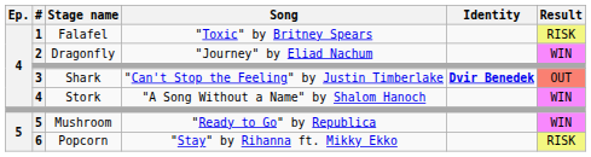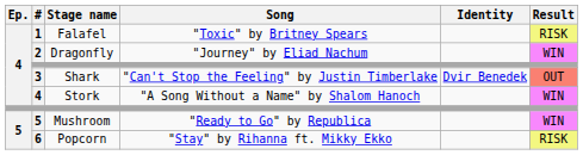 <table class="wikitable plainrowheaders" style="text-align: center;">
 <tr>
 <th>Ep.</th>
 <th>#</th>
 <th>Stage name</th>
 <th>Song</th>
 <th>Identity</th>
 <th>Result</th>
 </tr>
 <tr>
 <th rowspan="5">4</th>
 <th>1</th>
 <td>Falafel</td>
 <td>"<a href='#'>Toxic</a>" by <a href='#'>Britney Spears</a></td>
 <td></td>
 <td bgcolor="F3F781">RISK</td>
 </tr>
 <tr>
 <th>2</th>
 <td>Dragonfly</td>
 <td>"Journey" by <a href='#'>Eliad Nachum</a></td>
 <td></td>
 <td bgcolor="F888FD">WIN</td>
 </tr>
 <tr>
 <th colspan="5" style="background:darkgrey"></th>
 </tr>
 <tr>
 <th>3</th>
 <td>Shark</td>
 <td>"<a href='#'>Can't Stop the Feeling</a>" by <a href='#'>Justin Timberlake</a></td>
-<td><strong><a href='#'>Dvir Benedek</a></strong></td>
+<td><a href='#'>Dvir Benedek</a></td>
 <td bgcolor="salmon">OUT</td>
 </tr>
 <tr>
 <th>4</th>
 <td>Stork</td>
 <td>"A Song Without a Name" by <a href='#'>Shalom Hanoch</a></td>
 <td></td>
 <td bgcolor="F888FD">WIN</td>
 </tr>
 <tr>
 <th colspan="6" style="background:darkgrey"></th>
 </tr>
 <tr>
 <th rowspan="2">5</th>
 <th>5</th>
 <td>Mushroom</td>
 <td>"<a href='#'>Ready to Go</a>" by <a href='#'>Republica</a></td>
 <td></td>
 <td bgcolor="F888FD">WIN</td>
 </tr>
 <tr>
 <th>6</th>
 <td>Popcorn</td>
 <td>"<a href='#'>Stay</a>" by <a href='#'>Rihanna</a> ft. <a href='#'>Mikky Ekko</a></td>
 <td></td>
 <td bgcolor="F3F781">RISK</td>
 </tr>
 </table>
